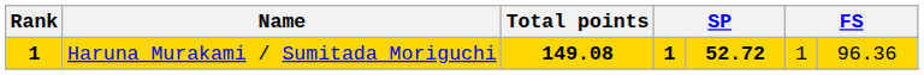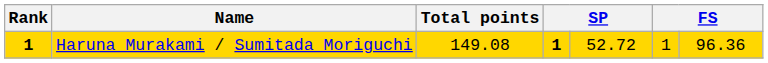 <table class="wikitable sortable">
 <tr>
 <th>Rank</th>
 <th>Name</th>
 <th>Total points</th>
 <th colspan="2" width="80px"><a href='#'>SP</a></th>
 <th colspan="2" width="80px"><a href='#'>FS</a></th>
 </tr>
 <tr bgcolor="gold">
 <td align="center"><strong>1</strong></td>
 <td><a href='#'>Haruna Murakami</a> / <a href='#'>Sumitada Moriguchi</a></td>
-<td align="center"><strong>149.08</strong></td>
+<td align="center">149.08</td>
 <td align="center"><strong>1</strong></td>
-<td align="center"><strong>52.72</strong></td>
+<td align="center">52.72</td>
 <td align="center">1</td>
 <td align="center">96.36</td>
 </tr>
 </table>
